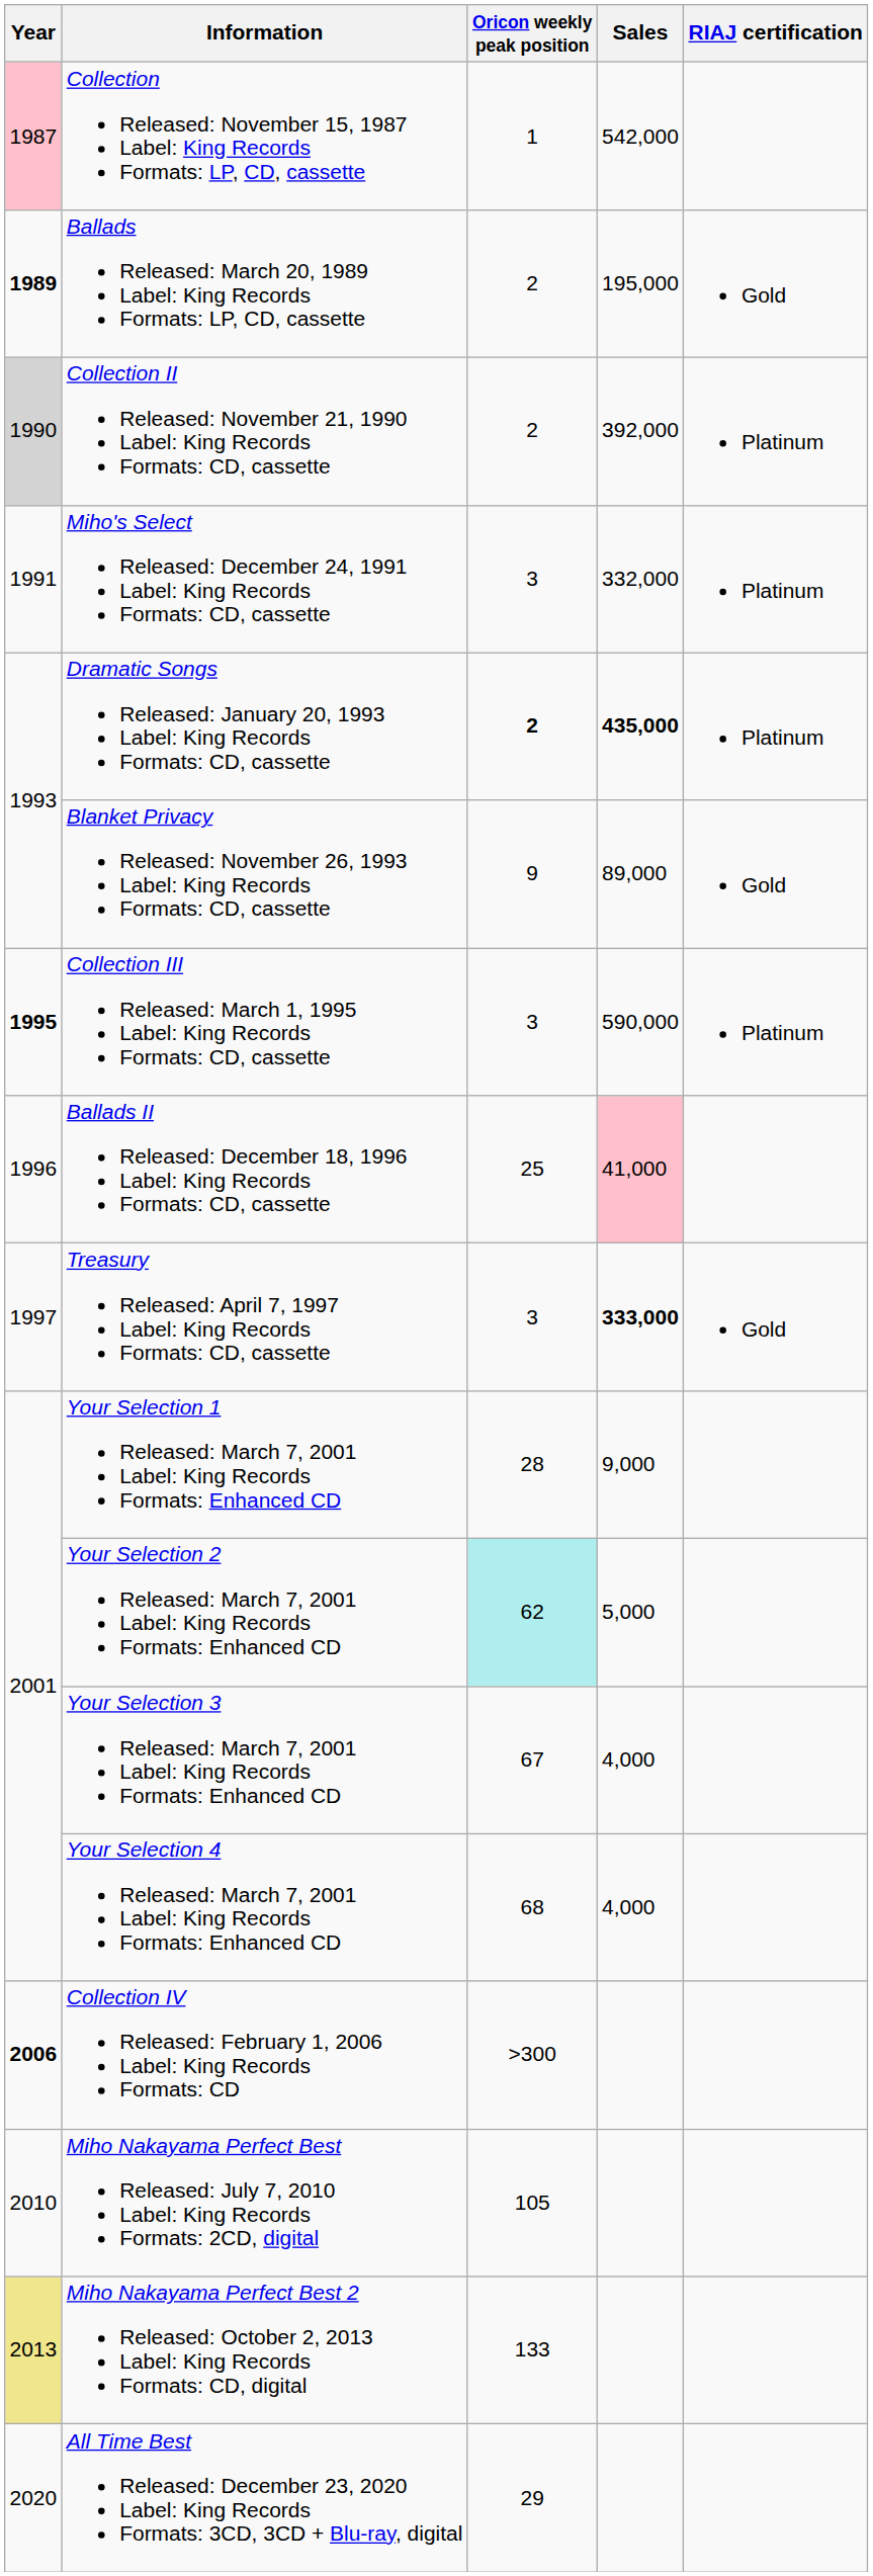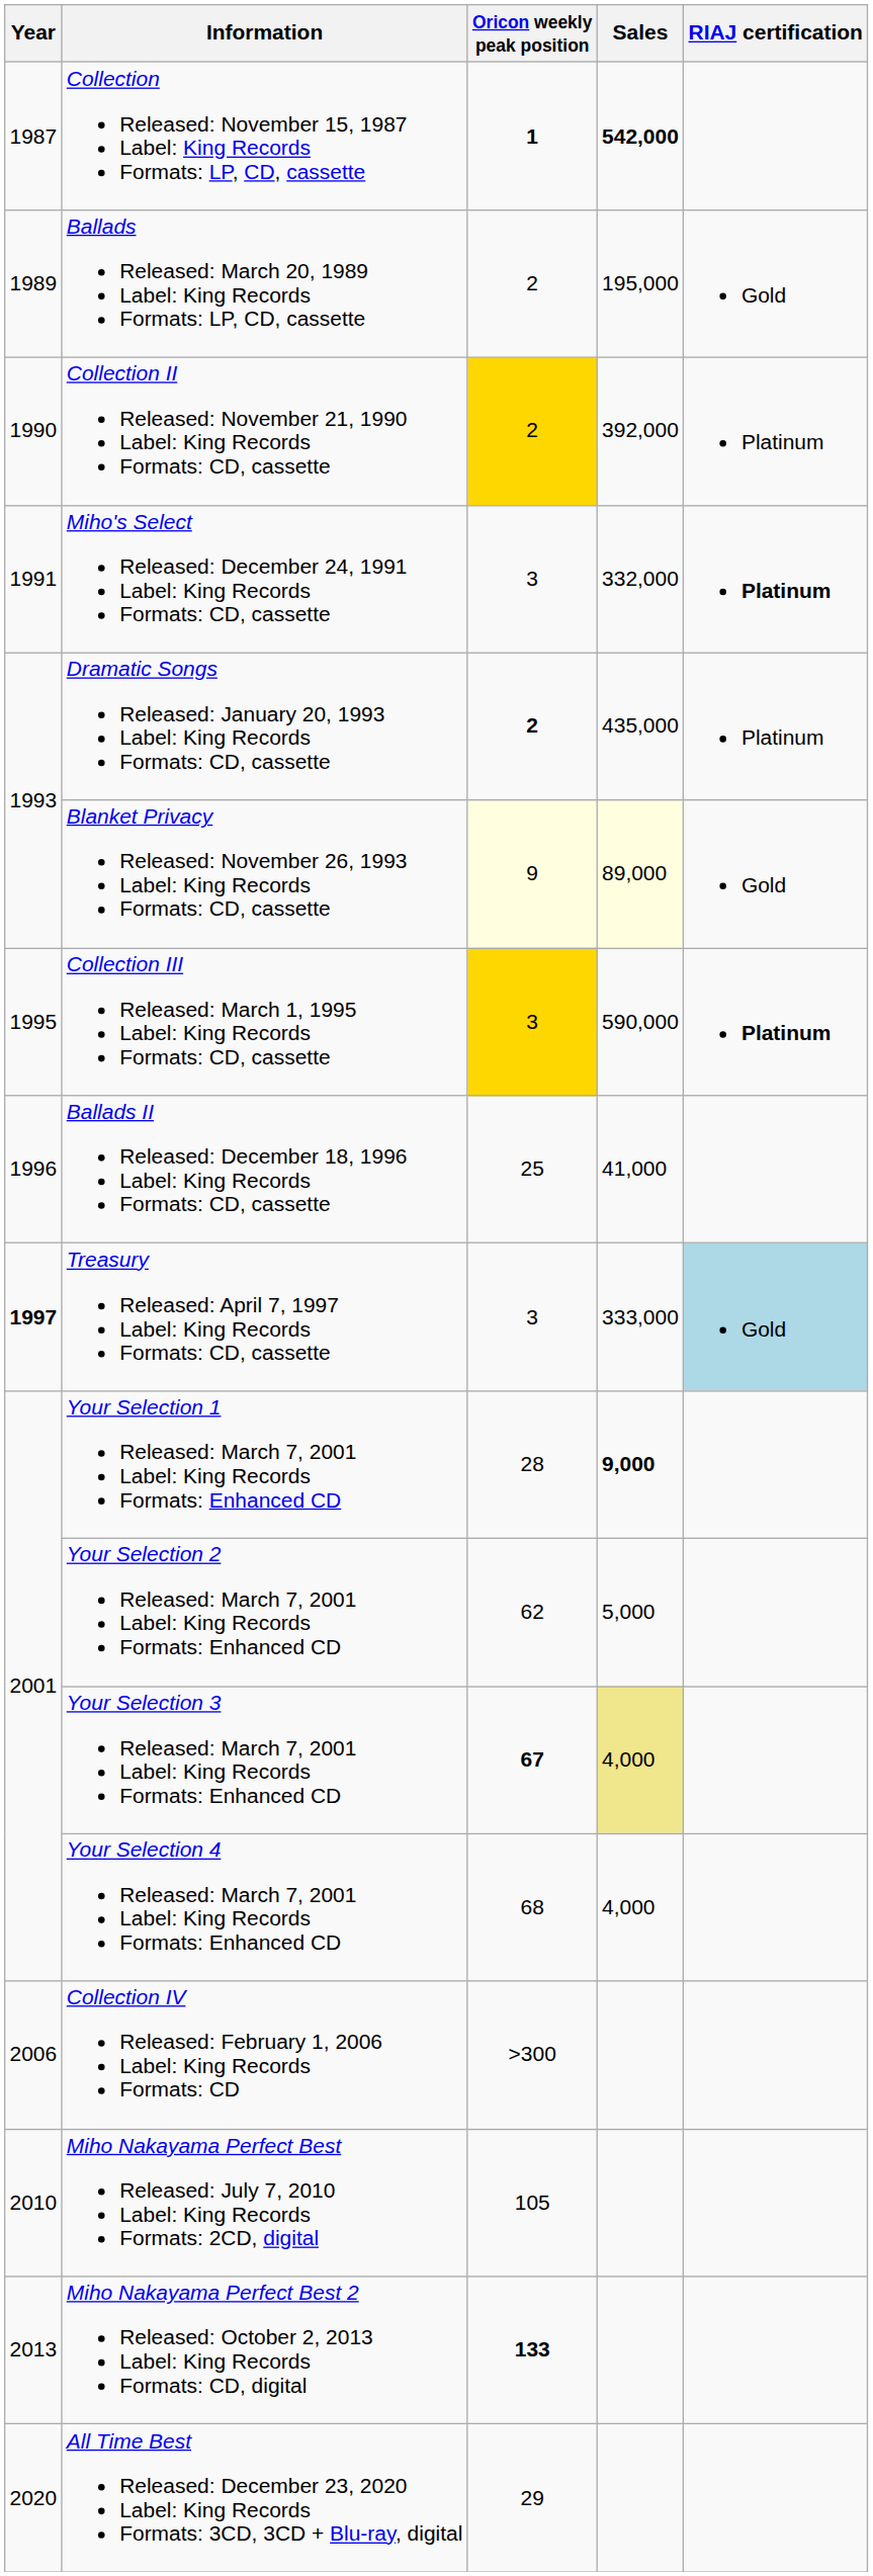 <table class="wikitable">
 <tr>
 <th>Year</th>
 <th>Information</th>
 <th><small><a href='#'>Oricon</a> weekly<br>peak position</small></th>
 <th>Sales<br></th>
 <th><a href='#'>RIAJ</a> certification</th>
 </tr>
 <tr>
-<td style="background: pink;">1987</td>
+<td>1987</td>
 <td><em><a href='#'>Collection</a></em><br><ul><li>Released: November 15, 1987</li><li>Label: <a href='#'>King Records</a></li><li>Formats: <a href='#'>LP</a>, <a href='#'>CD</a>, <a href='#'>cassette</a></li></ul></td>
-<td style="text-align:center;">1</td>
-<td align="left">542,000</td>
+<td style="text-align:center;"><strong>1</strong></td>
+<td align="left"><strong>542,000</strong></td>
 <td align="left"></td>
 </tr>
 <tr>
-<td><strong>1989</strong></td>
+<td>1989</td>
 <td><em><a href='#'>Ballads</a></em><br><ul><li>Released: March 20, 1989</li><li>Label: King Records</li><li>Formats: LP, CD, cassette</li></ul></td>
 <td style="text-align:center;">2</td>
 <td align="left">195,000</td>
 <td align="left"><br><ul><li>Gold</li></ul></td>
 </tr>
 <tr>
-<td style="background: lightgrey;">1990</td>
+<td>1990</td>
 <td><em><a href='#'>Collection II</a></em><br><ul><li>Released: November 21, 1990</li><li>Label: King Records</li><li>Formats: CD, cassette</li></ul></td>
-<td style="text-align:center;">2</td>
+<td style="background: gold; text-align:center;">2</td>
 <td align="left">392,000</td>
 <td align="left"><br><ul><li>Platinum</li></ul></td>
 </tr>
 <tr>
 <td>1991</td>
 <td><em><a href='#'>Miho's Select</a></em><br><ul><li>Released: December 24, 1991</li><li>Label: King Records</li><li>Formats: CD, cassette</li></ul></td>
 <td style="text-align:center;">3</td>
 <td align="left">332,000</td>
-<td align="left"><br><ul><li>Platinum</li></ul></td>
+<td align="left"><strong><br><ul><li>Platinum</li></ul></strong></td>
 </tr>
 <tr>
 <td rowspan="2">1993</td>
 <td><em><a href='#'>Dramatic Songs</a></em><br><ul><li>Released: January 20, 1993</li><li>Label: King Records</li><li>Formats: CD, cassette</li></ul></td>
 <td style="text-align:center;"><strong>2</strong></td>
-<td align="left"><strong>435,000</strong></td>
+<td align="left">435,000</td>
 <td align="left"><br><ul><li>Platinum</li></ul></td>
 </tr>
 <tr>
 <td><em><a href='#'>Blanket Privacy</a></em><br><ul><li>Released: November 26, 1993</li><li>Label: King Records</li><li>Formats: CD, cassette</li></ul></td>
-<td style="text-align:center;">9</td>
-<td align="left">89,000</td>
+<td style="background: lightyellow; text-align:center;">9</td>
+<td align="left" style="background: lightyellow;">89,000</td>
 <td align="left"><br><ul><li>Gold</li></ul></td>
 </tr>
 <tr>
-<td><strong>1995</strong></td>
+<td>1995</td>
 <td><em><a href='#'>Collection III</a></em><br><ul><li>Released: March 1, 1995</li><li>Label: King Records</li><li>Formats: CD, cassette</li></ul></td>
-<td style="text-align:center;">3</td>
+<td style="background: gold; text-align:center;">3</td>
 <td align="left">590,000</td>
-<td align="left"><br><ul><li>Platinum</li></ul></td>
+<td align="left"><strong><br><ul><li>Platinum</li></ul></strong></td>
 </tr>
 <tr>
 <td>1996</td>
 <td><em><a href='#'>Ballads II</a></em><br><ul><li>Released: December 18, 1996</li><li>Label: King Records</li><li>Formats: CD, cassette</li></ul></td>
 <td style="text-align:center;">25</td>
-<td align="left" style="background: pink;">41,000</td>
+<td align="left">41,000</td>
 <td align="left"></td>
 </tr>
 <tr>
-<td>1997</td>
+<td><strong>1997</strong></td>
 <td><em><a href='#'>Treasury</a></em><br><ul><li>Released: April 7, 1997</li><li>Label: King Records</li><li>Formats: CD, cassette</li></ul></td>
 <td style="text-align:center;">3</td>
-<td align="left"><strong>333,000</strong></td>
-<td align="left"><br><ul><li>Gold</li></ul></td>
+<td align="left">333,000</td>
+<td align="left" style="background: lightblue;"><br><ul><li>Gold</li></ul></td>
 </tr>
 <tr>
 <td rowspan="4">2001</td>
 <td><em><a href='#'>Your Selection 1</a></em><br><ul><li>Released: March 7, 2001</li><li>Label: King Records</li><li>Formats: <a href='#'>Enhanced CD</a></li></ul></td>
 <td style="text-align:center;">28</td>
-<td align="left">9,000</td>
+<td align="left"><strong>9,000</strong></td>
 <td align="left"></td>
 </tr>
 <tr>
 <td><em><a href='#'>Your Selection 2</a></em><br><ul><li>Released: March 7, 2001</li><li>Label: King Records</li><li>Formats: Enhanced CD</li></ul></td>
-<td style="background: paleturquoise; text-align:center;">62</td>
+<td style="text-align:center;">62</td>
 <td align="left">5,000</td>
 <td align="left"></td>
 </tr>
 <tr>
 <td><em><a href='#'>Your Selection 3</a></em><br><ul><li>Released: March 7, 2001</li><li>Label: King Records</li><li>Formats: Enhanced CD</li></ul></td>
-<td style="text-align:center;">67</td>
-<td align="left">4,000</td>
+<td style="text-align:center;"><strong>67</strong></td>
+<td align="left" style="background: khaki;">4,000</td>
 <td align="left"></td>
 </tr>
 <tr>
 <td><em><a href='#'>Your Selection 4</a></em><br><ul><li>Released: March 7, 2001</li><li>Label: King Records</li><li>Formats: Enhanced CD</li></ul></td>
 <td style="text-align:center;">68</td>
 <td align="left">4,000</td>
 <td align="left"></td>
 </tr>
 <tr>
-<td><strong>2006</strong></td>
+<td>2006</td>
 <td><em><a href='#'>Collection IV</a></em><br><ul><li>Released: February 1, 2006</li><li>Label: King Records</li><li>Formats: CD</li></ul></td>
 <td style="text-align:center;">>300</td>
 <td align="left"></td>
 <td align="left"></td>
 </tr>
 <tr>
 <td>2010</td>
 <td><em><a href='#'>Miho Nakayama Perfect Best</a></em><br><ul><li>Released: July 7, 2010</li><li>Label: King Records</li><li>Formats: 2CD, <a href='#'>digital</a></li></ul></td>
 <td style="text-align:center;">105</td>
 <td align="left"></td>
 <td align="left"></td>
 </tr>
 <tr>
-<td style="background: khaki;">2013</td>
+<td>2013</td>
 <td><em><a href='#'>Miho Nakayama Perfect Best 2</a></em><br><ul><li>Released: October 2, 2013</li><li>Label: King Records</li><li>Formats: CD, digital</li></ul></td>
-<td style="text-align:center;">133</td>
+<td style="text-align:center;"><strong>133</strong></td>
 <td align="left"></td>
 <td align="left"></td>
 </tr>
 <tr>
 <td>2020</td>
 <td><em><a href='#'>All Time Best</a></em><br><ul><li>Released: December 23, 2020</li><li>Label: King Records</li><li>Formats: 3CD, 3CD + <a href='#'>Blu-ray</a>, digital</li></ul></td>
 <td style="text-align:center;">29</td>
 <td align="left"></td>
 <td align="left"></td>
 </tr>
 </table>
